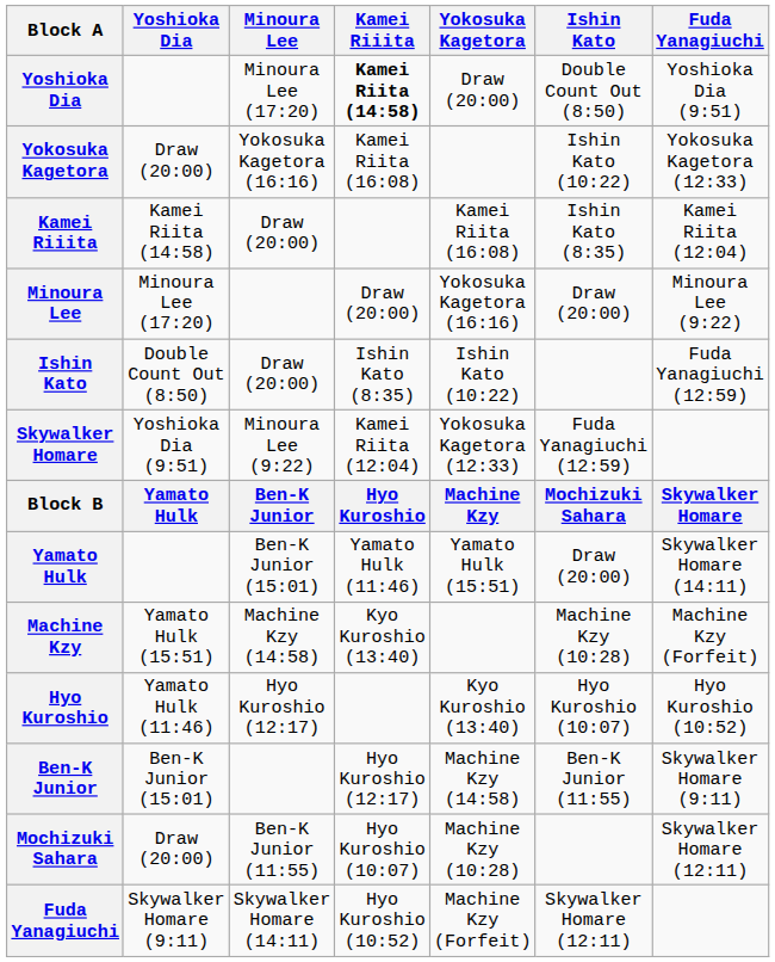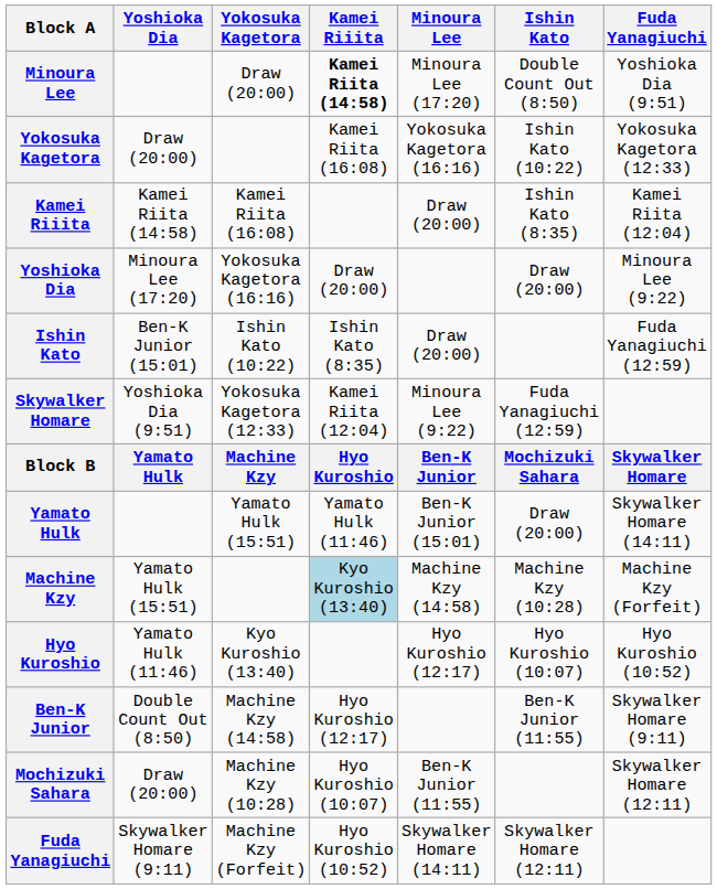 <table class="wikitable" style="margin: 1em auto 1em auto;text-align:center">
 <tr>
 <th>Block A</th>
 <th><a href='#'>Yoshioka</a><br><a href='#'>Dia</a></th>
+<th><a href='#'>Yokosuka</a><br><a href='#'>Kagetora</a></th>
+<th><a href='#'>Kamei</a><br><a href='#'>Riiita</a></th>
 <th><a href='#'>Minoura</a><br><a href='#'>Lee</a></th>
-<th><a href='#'>Kamei</a><br><a href='#'>Riiita</a></th>
-<th><a href='#'>Yokosuka</a><br><a href='#'>Kagetora</a></th>
 <th><a href='#'>Ishin</a><br><a href='#'>Kato</a></th>
 <th><a href='#'>Fuda</a><br><a href='#'>Yanagiuchi</a></th>
 </tr>
 <tr>
-<th><a href='#'>Yoshioka</a><br><a href='#'>Dia</a></th>
+<th><a href='#'>Minoura</a><br><a href='#'>Lee</a></th>
 <td></td>
+<td>Draw<br>(20:00)</td>
+<td><strong>Kamei<br>Riita<br>(14:58)</strong></td>
 <td>Minoura<br>Lee<br>(17:20)</td>
-<td><strong>Kamei<br>Riita<br>(14:58)</strong></td>
-<td>Draw<br>(20:00)</td>
 <td>Double<br>Count Out<br>(8:50)</td>
 <td>Yoshioka<br>Dia<br>(9:51)</td>
 </tr>
 <tr>
 <th><a href='#'>Yokosuka</a><br><a href='#'>Kagetora</a></th>
 <td>Draw<br>(20:00)</td>
+<td></td>
+<td>Kamei<br>Riita<br>(16:08)</td>
 <td>Yokosuka<br>Kagetora<br>(16:16)</td>
-<td>Kamei<br>Riita<br>(16:08)</td>
-<td></td>
 <td>Ishin<br>Kato<br>(10:22)</td>
 <td>Yokosuka<br>Kagetora<br>(12:33)</td>
 </tr>
 <tr>
 <th><a href='#'>Kamei</a><br><a href='#'>Riiita</a></th>
 <td>Kamei<br>Riita<br>(14:58)</td>
+<td>Kamei<br>Riita<br>(16:08)</td>
+<td></td>
 <td>Draw<br>(20:00)</td>
-<td></td>
-<td>Kamei<br>Riita<br>(16:08)</td>
 <td>Ishin<br>Kato<br>(8:35)</td>
 <td>Kamei<br>Riita<br>(12:04)</td>
 </tr>
 <tr>
-<th><a href='#'>Minoura</a><br><a href='#'>Lee</a></th>
+<th><a href='#'>Yoshioka</a><br><a href='#'>Dia</a></th>
 <td>Minoura<br>Lee<br>(17:20)</td>
+<td>Yokosuka<br>Kagetora<br>(16:16)</td>
+<td>Draw<br>(20:00)</td>
 <td></td>
-<td>Draw<br>(20:00)</td>
-<td>Yokosuka<br>Kagetora<br>(16:16)</td>
 <td>Draw<br>(20:00)</td>
 <td>Minoura<br>Lee<br>(9:22)</td>
 </tr>
 <tr>
 <th><a href='#'>Ishin</a><br><a href='#'>Kato</a></th>
-<td>Double<br>Count Out<br>(8:50)</td>
+<td>Ben-K<br>Junior<br>(15:01)</td>
+<td>Ishin<br>Kato<br>(10:22)</td>
+<td>Ishin<br>Kato<br>(8:35)</td>
 <td>Draw<br>(20:00)</td>
-<td>Ishin<br>Kato<br>(8:35)</td>
-<td>Ishin<br>Kato<br>(10:22)</td>
 <td></td>
 <td>Fuda<br>Yanagiuchi<br>(12:59)</td>
 </tr>
 <tr>
 <th><a href='#'>Skywalker</a><br><a href='#'>Homare</a></th>
 <td>Yoshioka<br>Dia<br>(9:51)</td>
+<td>Yokosuka<br>Kagetora<br>(12:33)</td>
+<td>Kamei<br>Riita<br>(12:04)</td>
 <td>Minoura<br>Lee<br>(9:22)</td>
-<td>Kamei<br>Riita<br>(12:04)</td>
-<td>Yokosuka<br>Kagetora<br>(12:33)</td>
 <td>Fuda<br>Yanagiuchi<br>(12:59)</td>
 <td></td>
 </tr>
 <tr>
 <th>Block B</th>
 <th><a href='#'>Yamato</a><br><a href='#'>Hulk</a></th>
+<th><a href='#'>Machine</a><br><a href='#'>Kzy</a></th>
+<th><a href='#'>Hyo</a><br><a href='#'>Kuroshio</a></th>
 <th><a href='#'>Ben-K</a><br><a href='#'>Junior</a></th>
-<th><a href='#'>Hyo</a><br><a href='#'>Kuroshio</a></th>
-<th><a href='#'>Machine</a><br><a href='#'>Kzy</a></th>
 <th><a href='#'>Mochizuki</a><br><a href='#'>Sahara</a></th>
 <th><a href='#'>Skywalker</a><br><a href='#'>Homare</a></th>
 </tr>
 <tr>
 <th><a href='#'>Yamato</a><br><a href='#'>Hulk</a></th>
 <td></td>
+<td>Yamato<br>Hulk<br>(15:51)</td>
+<td>Yamato<br>Hulk<br>(11:46)</td>
 <td>Ben-K<br>Junior<br>(15:01)</td>
-<td>Yamato<br>Hulk<br>(11:46)</td>
-<td>Yamato<br>Hulk<br>(15:51)</td>
 <td>Draw<br>(20:00)</td>
 <td>Skywalker<br>Homare<br>(14:11)</td>
 </tr>
 <tr>
 <th><a href='#'>Machine</a><br><a href='#'>Kzy</a></th>
 <td>Yamato<br>Hulk<br>(15:51)</td>
+<td></td>
+<td style="background: lightblue;">Kyo<br>Kuroshio<br>(13:40)</td>
 <td>Machine<br>Kzy<br>(14:58)</td>
-<td>Kyo<br>Kuroshio<br>(13:40)</td>
-<td></td>
 <td>Machine<br>Kzy<br>(10:28)</td>
 <td>Machine<br>Kzy<br>(Forfeit)</td>
 </tr>
 <tr>
 <th><a href='#'>Hyo</a><br><a href='#'>Kuroshio</a></th>
 <td>Yamato<br>Hulk<br>(11:46)</td>
+<td>Kyo<br>Kuroshio<br>(13:40)</td>
+<td></td>
 <td>Hyo<br>Kuroshio<br>(12:17)</td>
-<td></td>
-<td>Kyo<br>Kuroshio<br>(13:40)</td>
 <td>Hyo<br>Kuroshio<br>(10:07)</td>
 <td>Hyo<br>Kuroshio<br>(10:52)</td>
 </tr>
 <tr>
 <th><a href='#'>Ben-K</a><br><a href='#'>Junior</a></th>
-<td>Ben-K<br>Junior<br>(15:01)</td>
+<td>Double<br>Count Out<br>(8:50)</td>
+<td>Machine<br>Kzy<br>(14:58)</td>
+<td>Hyo<br>Kuroshio<br>(12:17)</td>
 <td></td>
-<td>Hyo<br>Kuroshio<br>(12:17)</td>
-<td>Machine<br>Kzy<br>(14:58)</td>
 <td>Ben-K<br>Junior<br>(11:55)</td>
 <td>Skywalker<br>Homare<br>(9:11)</td>
 </tr>
 <tr>
 <th><a href='#'>Mochizuki</a><br><a href='#'>Sahara</a></th>
 <td>Draw<br>(20:00)</td>
+<td>Machine<br>Kzy<br>(10:28)</td>
+<td>Hyo<br>Kuroshio<br>(10:07)</td>
 <td>Ben-K<br>Junior<br>(11:55)</td>
-<td>Hyo<br>Kuroshio<br>(10:07)</td>
-<td>Machine<br>Kzy<br>(10:28)</td>
 <td></td>
 <td>Skywalker<br>Homare<br>(12:11)</td>
 </tr>
 <tr>
 <th><a href='#'>Fuda</a><br><a href='#'>Yanagiuchi</a></th>
 <td>Skywalker<br>Homare<br>(9:11)</td>
+<td>Machine<br>Kzy<br>(Forfeit)</td>
+<td>Hyo<br>Kuroshio<br>(10:52)</td>
 <td>Skywalker<br>Homare<br>(14:11)</td>
-<td>Hyo<br>Kuroshio<br>(10:52)</td>
-<td>Machine<br>Kzy<br>(Forfeit)</td>
 <td>Skywalker<br>Homare<br>(12:11)</td>
 <td></td>
 </tr>
 </table>
